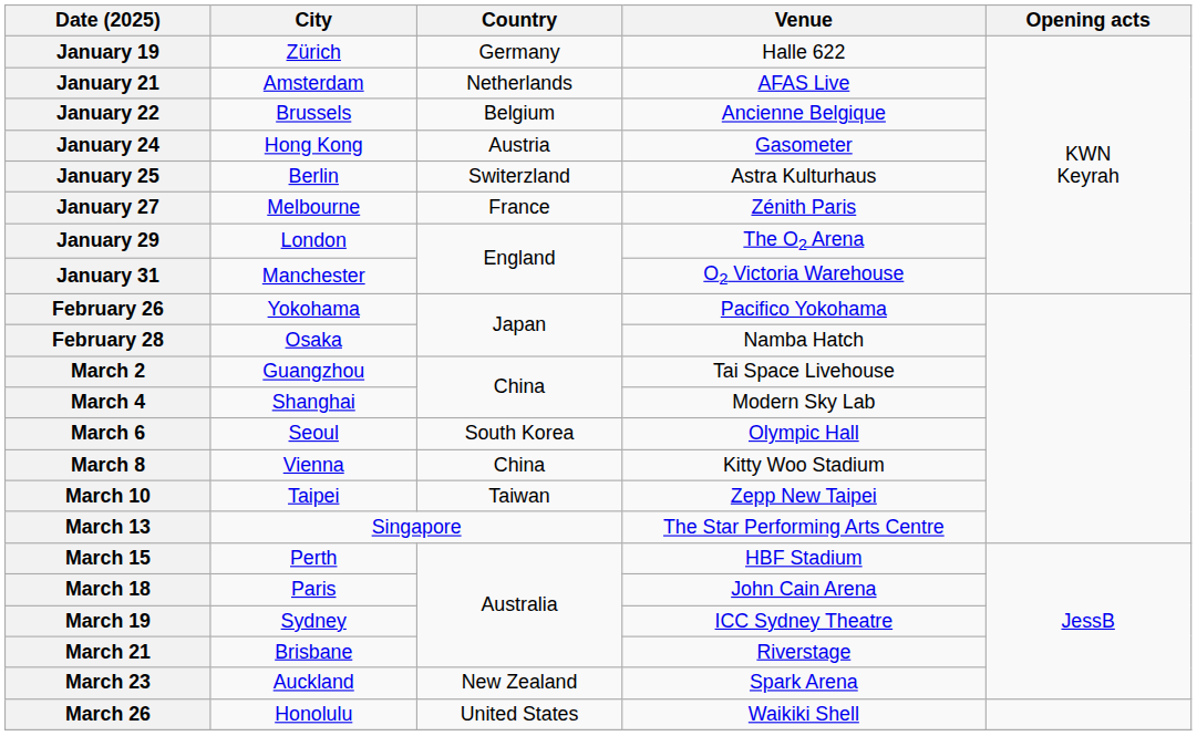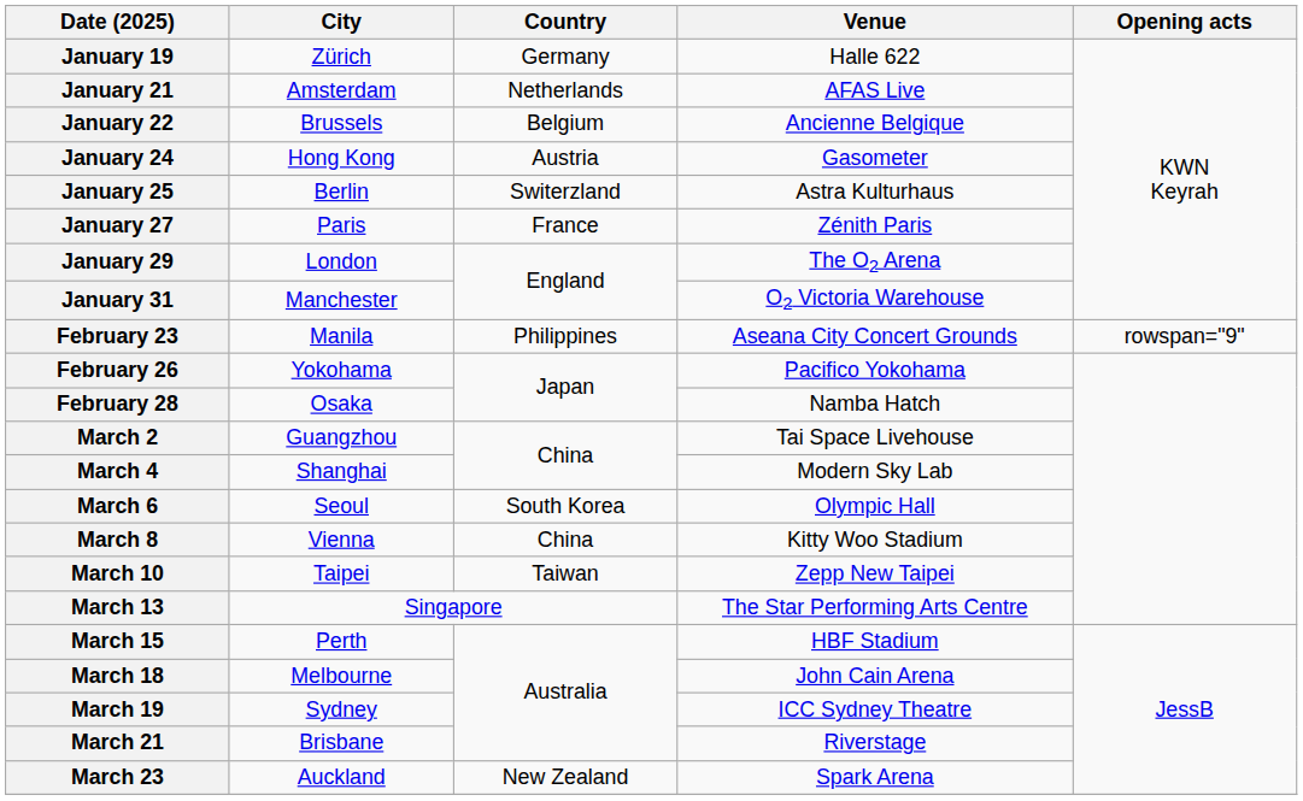 <table class="wikitable plainrowheaders" style="text-align:center;">
 <tr>
 <th scope="col" style="width:10em;">Date (2025)</th>
 <th scope="col" style="width:10em;">City</th>
 <th scope="col" style="width:10em;">Country</th>
 <th scope="col" style="width:18em;">Venue</th>
 <th scope="col" style="width:10em;">Opening acts</th>
 </tr>
 <tr>
 <th scope="row" style="text-align:center;">January 19</th>
 <td><a href='#'>Zürich</a></td>
 <td>Germany</td>
 <td>Halle 622</td>
 <td rowspan="8">KWN <br> Keyrah</td>
 </tr>
 <tr>
 <th scope="row" style="text-align:center;">January 21</th>
 <td><a href='#'>Amsterdam</a></td>
 <td>Netherlands</td>
 <td><a href='#'>AFAS Live</a></td>
 </tr>
 <tr>
 <th scope="row" style="text-align:center;">January 22</th>
 <td><a href='#'>Brussels</a></td>
 <td>Belgium</td>
 <td><a href='#'>Ancienne Belgique</a></td>
 </tr>
 <tr>
 <th scope="row" style="text-align:center;">January 24</th>
 <td><a href='#'>Hong Kong</a></td>
 <td>Austria</td>
 <td><a href='#'>Gasometer</a></td>
 </tr>
 <tr>
 <th scope="row" style="text-align:center;">January 25</th>
 <td><a href='#'>Berlin</a></td>
 <td>Switerzland</td>
 <td>Astra Kulturhaus</td>
 </tr>
 <tr>
 <th scope="row" style="text-align:center;">January 27</th>
-<td><a href='#'>Melbourne</a></td>
+<td><a href='#'>Paris</a></td>
 <td>France</td>
 <td><a href='#'>Zénith Paris</a></td>
 </tr>
 <tr>
 <th scope="row" style="text-align:center;">January 29</th>
 <td><a href='#'>London</a></td>
 <td rowspan="2">England</td>
 <td><a href='#'>The O<sub>2</sub> Arena</a></td>
 </tr>
 <tr>
 <th scope="row" style="text-align:center;">January 31</th>
 <td><a href='#'>Manchester</a></td>
 <td><a href='#'>O<sub>2</sub> Victoria Warehouse</a></td>
+</tr>
+<tr>
+<th scope="row" style="text-align:center;">February 23</th>
+<td><a href='#'>Manila</a></td>
+<td>Philippines</td>
+<td><a href='#'>Aseana City Concert Grounds</a></td>
+<td>rowspan="9" </td>
 </tr>
 <tr>
 <th scope="row" style="text-align:center;">February 26</th>
 <td><a href='#'>Yokohama</a></td>
 <td rowspan="2">Japan</td>
 <td><a href='#'>Pacifico Yokohama</a></td>
 </tr>
 <tr>
 <th scope="row" style="text-align:center;">February 28</th>
 <td><a href='#'>Osaka</a></td>
 <td>Namba Hatch</td>
 </tr>
 <tr>
 <th scope="row" style="text-align:center;">March 2</th>
 <td><a href='#'>Guangzhou</a></td>
 <td rowspan="2">China</td>
 <td>Tai Space Livehouse</td>
 </tr>
 <tr>
 <th scope="row" style="text-align:center;">March 4</th>
 <td><a href='#'>Shanghai</a></td>
 <td>Modern Sky Lab</td>
 </tr>
 <tr>
 <th scope="row" style="text-align:center;">March 6</th>
 <td><a href='#'>Seoul</a></td>
 <td>South Korea</td>
 <td><a href='#'>Olympic Hall</a></td>
 </tr>
 <tr>
 <th scope="row" style="text-align:center;">March 8</th>
 <td><a href='#'>Vienna</a></td>
 <td>China</td>
 <td>Kitty Woo Stadium</td>
 </tr>
 <tr>
 <th scope="row" style="text-align:center;">March 10</th>
 <td><a href='#'>Taipei</a></td>
 <td>Taiwan</td>
 <td><a href='#'>Zepp New Taipei</a></td>
 </tr>
 <tr>
 <th scope="row" style="text-align:center;">March 13</th>
 <td colspan="2"><a href='#'>Singapore</a></td>
 <td><a href='#'>The Star Performing Arts Centre</a></td>
 </tr>
 <tr>
 <th scope="row" style="text-align:center;">March 15</th>
 <td><a href='#'>Perth</a></td>
 <td rowspan="4">Australia</td>
 <td><a href='#'>HBF Stadium</a></td>
 <td rowspan="5"><a href='#'>JessB</a></td>
 </tr>
 <tr>
 <th scope="row" style="text-align:center;">March 18</th>
-<td><a href='#'>Paris</a></td>
+<td><a href='#'>Melbourne</a></td>
 <td><a href='#'>John Cain Arena</a></td>
 </tr>
 <tr>
 <th scope="row" style="text-align:center;">March 19</th>
 <td><a href='#'>Sydney</a></td>
 <td><a href='#'>ICC Sydney Theatre</a></td>
 </tr>
 <tr>
 <th scope="row" style="text-align:center;">March 21</th>
 <td><a href='#'>Brisbane</a></td>
 <td><a href='#'>Riverstage</a></td>
 </tr>
 <tr>
 <th scope="row" style="text-align:center;">March 23</th>
 <td><a href='#'>Auckland</a></td>
 <td>New Zealand</td>
 <td><a href='#'>Spark Arena</a></td>
 </tr>
 <tr>
-<th scope="row" style="text-align:center;">March 26</th>
-<td><a href='#'>Honolulu</a></td>
-<td>United States</td>
-<td><a href='#'>Waikiki Shell</a></td>
-<td></td>
-</tr>
-<tr>
 </tr>
 </table>
